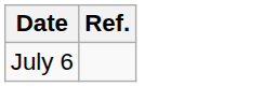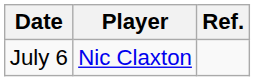 <table class="wikitable sortable sortable" style="text-align: center">
 <tr>
 <th>Date</th>
+<th>Player</th>
 <th>Ref.</th>
 </tr>
 <tr>
 <td>July 6</td>
+<td><a href='#'>Nic Claxton</a></td>
 <td></td>
 </tr>
 </table>
